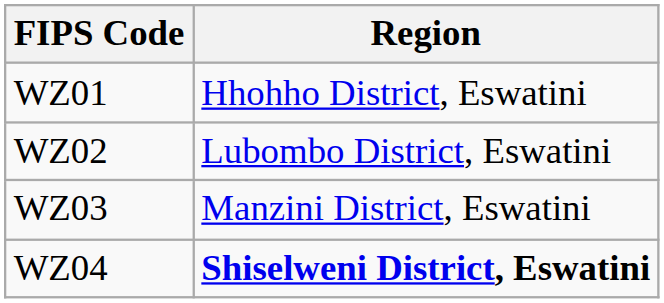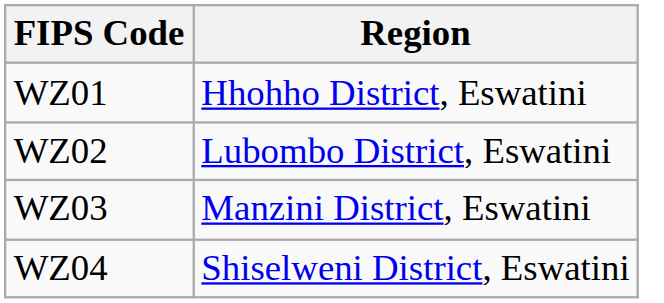 <table class="wikitable">
 <tr>
 <th>FIPS Code</th>
 <th>Region</th>
 </tr>
 <tr>
 <td>WZ01</td>
 <td><a href='#'>Hhohho District</a>, Eswatini</td>
 </tr>
 <tr>
 <td>WZ02</td>
 <td><a href='#'>Lubombo District</a>, Eswatini</td>
 </tr>
 <tr>
 <td>WZ03</td>
 <td><a href='#'>Manzini District</a>, Eswatini</td>
 </tr>
 <tr>
 <td>WZ04</td>
-<td><strong><a href='#'>Shiselweni District</a>, Eswatini</strong></td>
+<td><a href='#'>Shiselweni District</a>, Eswatini</td>
 </tr>
 </table>
